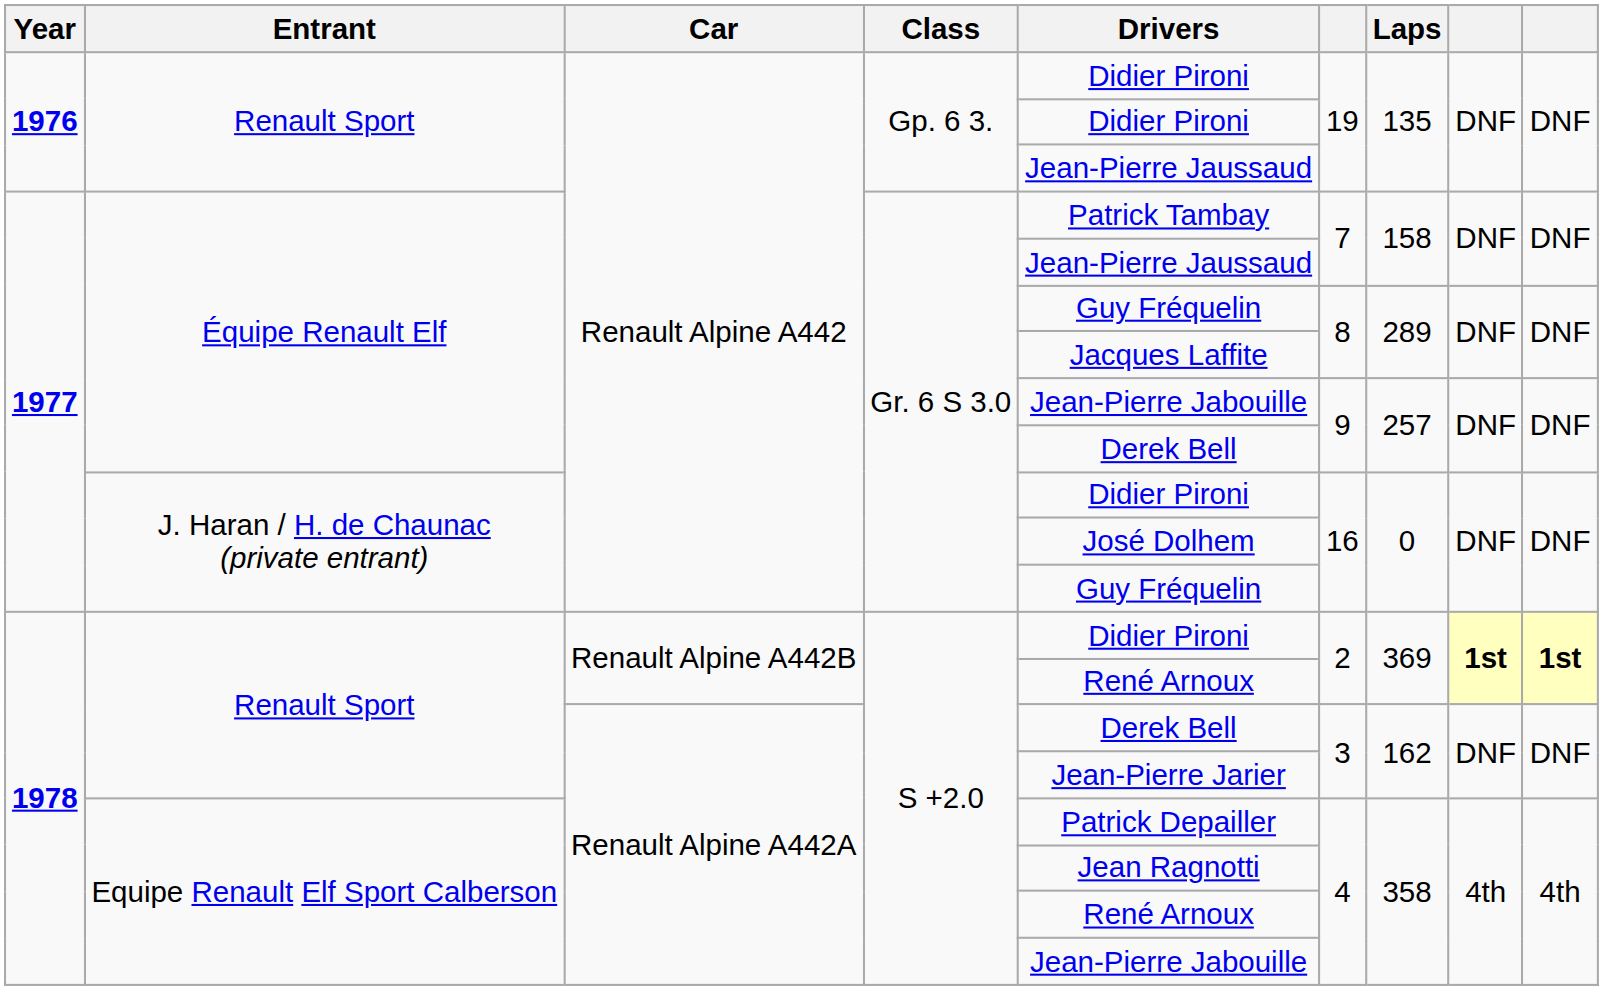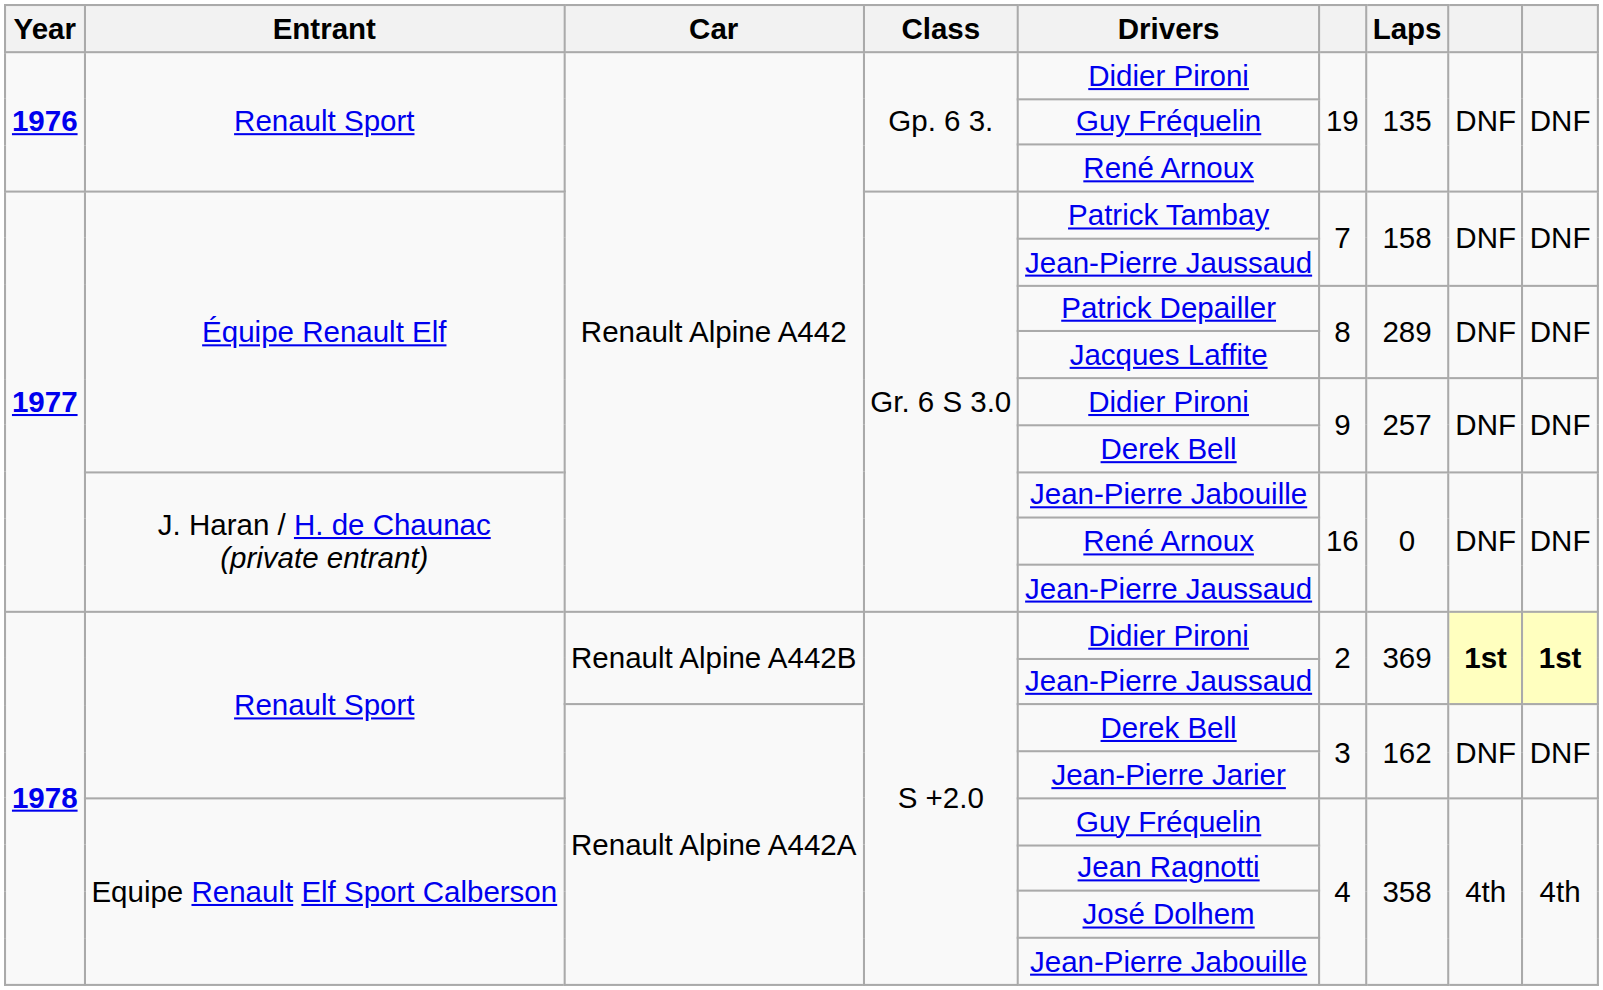 <table class="wikitable" style="text-align:center; font-size:90%">
 <tr>
 <th>Year</th>
 <th>Entrant</th>
 <th>Car</th>
 <th>Class</th>
 <th>Drivers</th>
 <th></th>
 <th>Laps</th>
 <th></th>
 <th></th>
 </tr>
 <tr>
 <td rowspan="3"><a href='#'><strong>1976</strong></a></td>
 <td rowspan="3"> <a href='#'>Renault Sport</a></td>
 <td rowspan="12">Renault Alpine A442</td>
 <td rowspan="3">Gp. 6 3.</td>
 <td> <a href='#'>Didier Pironi</a></td>
 <td rowspan="3">19</td>
 <td rowspan="3">135</td>
 <td rowspan="3">DNF</td>
 <td rowspan="3">DNF</td>
 </tr>
 <tr>
-<td> <a href='#'>Didier Pironi</a></td>
+<td> <a href='#'>Guy Fréquelin</a></td>
 </tr>
 <tr>
-<td> <a href='#'>Jean-Pierre Jaussaud</a></td>
+<td> <a href='#'>René Arnoux</a></td>
 </tr>
 <tr>
 <td rowspan="9"><strong><a href='#'>1977</a></strong></td>
 <td rowspan="6"> <a href='#'>Équipe Renault Elf</a></td>
 <td rowspan="9">Gr. 6 S 3.0</td>
 <td> <a href='#'>Patrick Tambay</a></td>
 <td rowspan="2">7</td>
 <td rowspan="2">158</td>
 <td rowspan="2">DNF</td>
 <td rowspan="2">DNF</td>
 </tr>
 <tr>
 <td> <a href='#'>Jean-Pierre Jaussaud</a></td>
 </tr>
 <tr>
-<td> <a href='#'>Guy Fréquelin</a></td>
+<td> <a href='#'>Patrick Depailler</a></td>
 <td rowspan="2">8</td>
 <td rowspan="2">289</td>
 <td rowspan="2">DNF</td>
 <td rowspan="2">DNF</td>
 </tr>
 <tr>
 <td> <a href='#'>Jacques Laffite</a></td>
 </tr>
 <tr>
-<td> <a href='#'>Jean-Pierre Jabouille</a></td>
+<td> <a href='#'>Didier Pironi</a></td>
 <td rowspan="2">9</td>
 <td rowspan="2">257</td>
 <td rowspan="2">DNF</td>
 <td rowspan="2">DNF</td>
 </tr>
 <tr>
 <td> <a href='#'>Derek Bell</a></td>
 </tr>
 <tr>
 <td rowspan="3"> J. Haran / <a href='#'>H. de Chaunac</a><br><em>(private entrant)</em></td>
-<td> <a href='#'>Didier Pironi</a></td>
+<td> <a href='#'>Jean-Pierre Jabouille</a></td>
 <td rowspan="3">16</td>
 <td rowspan="3">0</td>
 <td rowspan="3">DNF</td>
 <td rowspan="3">DNF</td>
 </tr>
 <tr>
-<td> <a href='#'>José Dolhem</a></td>
+<td> <a href='#'>René Arnoux</a></td>
 </tr>
 <tr>
-<td> <a href='#'>Guy Fréquelin</a></td>
+<td> <a href='#'>Jean-Pierre Jaussaud</a></td>
 </tr>
 <tr>
 <td rowspan="8"><a href='#'><strong>1978</strong></a></td>
 <td rowspan="4"> <a href='#'>Renault Sport</a></td>
 <td rowspan="2">Renault Alpine A442B</td>
 <td rowspan="8">S +2.0</td>
 <td> <a href='#'>Didier Pironi</a></td>
 <td rowspan="2">2</td>
 <td rowspan="2">369</td>
 <th style="background:#FFFFBF;" rowspan="2">1st</th>
 <th style="background:#FFFFBF;" rowspan="2">1st</th>
 </tr>
 <tr>
-<td> <a href='#'>René Arnoux</a></td>
+<td> <a href='#'>Jean-Pierre Jaussaud</a></td>
 </tr>
 <tr>
 <td rowspan="6">Renault Alpine A442A</td>
 <td> <a href='#'>Derek Bell</a></td>
 <td rowspan="2">3</td>
 <td rowspan="2">162</td>
 <td rowspan="2">DNF</td>
 <td rowspan="2">DNF</td>
 </tr>
 <tr>
 <td> <a href='#'>Jean-Pierre Jarier</a></td>
 </tr>
 <tr>
 <td rowspan="4"> Equipe <a href='#'>Renault</a> <a href='#'>Elf Sport Calberson</a></td>
-<td> <a href='#'>Patrick Depailler</a></td>
+<td> <a href='#'>Guy Fréquelin</a></td>
 <td rowspan="4">4</td>
 <td rowspan="4">358</td>
 <td rowspan="4">4th</td>
 <td rowspan="4">4th</td>
 </tr>
 <tr>
 <td> <a href='#'>Jean Ragnotti</a></td>
 </tr>
 <tr>
-<td> <a href='#'>René Arnoux</a></td>
+<td> <a href='#'>José Dolhem</a></td>
 </tr>
 <tr>
 <td> <a href='#'>Jean-Pierre Jabouille</a></td>
 </tr>
 </table>
